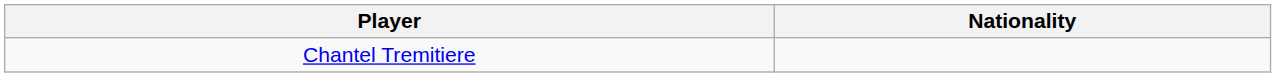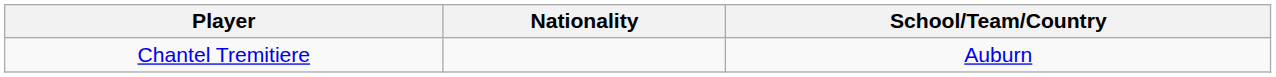 <table class="wikitable" style="text-align:center; width:60em">
 <tr>
 <th>Player</th>
 <th>Nationality</th>
+<th>School/Team/Country</th>
 </tr>
 <tr>
 <td><a href='#'>Chantel Tremitiere</a></td>
 <td></td>
+<td><a href='#'>Auburn</a></td>
 </tr>
 </table>
